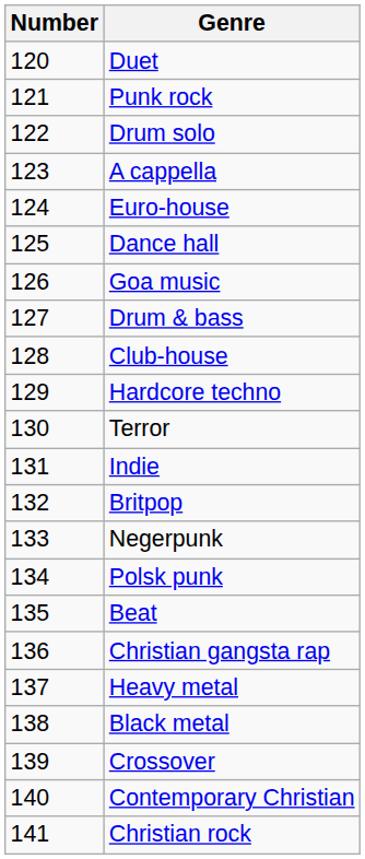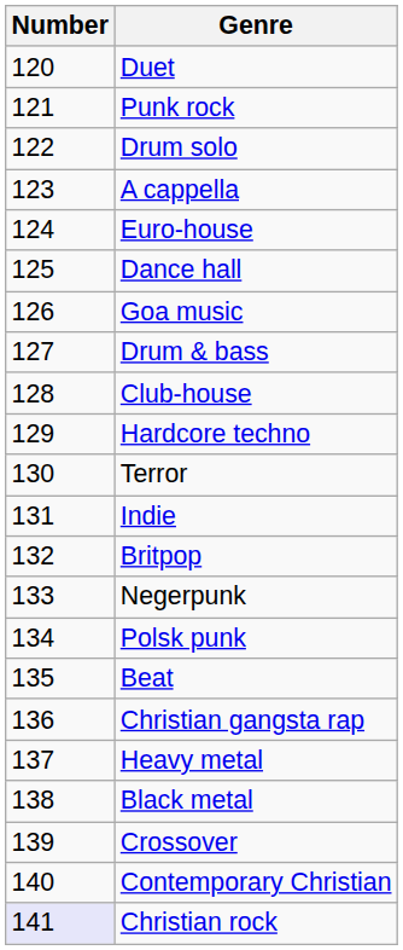 <table class="wikitable">
 <tr>
 <th>Number</th>
 <th>Genre</th>
 </tr>
 <tr>
 <td>120</td>
 <td><a href='#'>Duet</a></td>
 </tr>
 <tr>
 <td>121</td>
 <td><a href='#'>Punk rock</a></td>
 </tr>
 <tr>
 <td>122</td>
 <td><a href='#'>Drum solo</a></td>
 </tr>
 <tr>
 <td>123</td>
 <td><a href='#'>A cappella</a></td>
 </tr>
 <tr>
 <td>124</td>
 <td><a href='#'>Euro-house</a></td>
 </tr>
 <tr>
 <td>125</td>
 <td><a href='#'>Dance hall</a></td>
 </tr>
 <tr>
 <td>126</td>
 <td><a href='#'>Goa music</a></td>
 </tr>
 <tr>
 <td>127</td>
 <td><a href='#'>Drum & bass</a></td>
 </tr>
 <tr>
 <td>128</td>
 <td><a href='#'>Club-house</a></td>
 </tr>
 <tr>
 <td>129</td>
 <td><a href='#'>Hardcore techno</a></td>
 </tr>
 <tr>
 <td>130</td>
 <td>Terror</td>
 </tr>
 <tr>
 <td>131</td>
 <td><a href='#'>Indie</a></td>
 </tr>
 <tr>
 <td>132</td>
 <td><a href='#'>Britpop</a></td>
 </tr>
 <tr>
 <td>133</td>
 <td>Negerpunk</td>
 </tr>
 <tr>
 <td>134</td>
 <td><a href='#'>Polsk punk</a></td>
 </tr>
 <tr>
 <td>135</td>
 <td><a href='#'>Beat</a></td>
 </tr>
 <tr>
 <td>136</td>
 <td><a href='#'>Christian gangsta rap</a></td>
 </tr>
 <tr>
 <td>137</td>
 <td><a href='#'>Heavy metal</a></td>
 </tr>
 <tr>
 <td>138</td>
 <td><a href='#'>Black metal</a></td>
 </tr>
 <tr>
 <td>139</td>
 <td><a href='#'>Crossover</a></td>
 </tr>
 <tr>
 <td>140</td>
 <td><a href='#'>Contemporary Christian</a></td>
 </tr>
 <tr>
-<td>141</td>
+<td style="background: lavender;">141</td>
 <td><a href='#'>Christian rock</a></td>
 </tr>
 </table>
